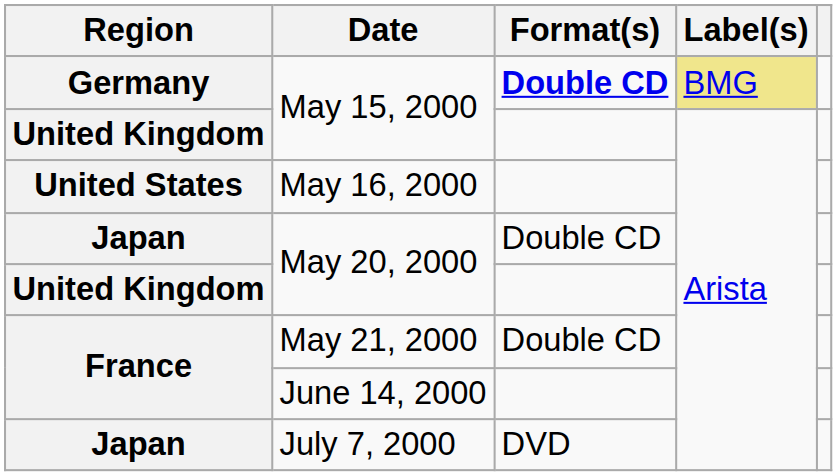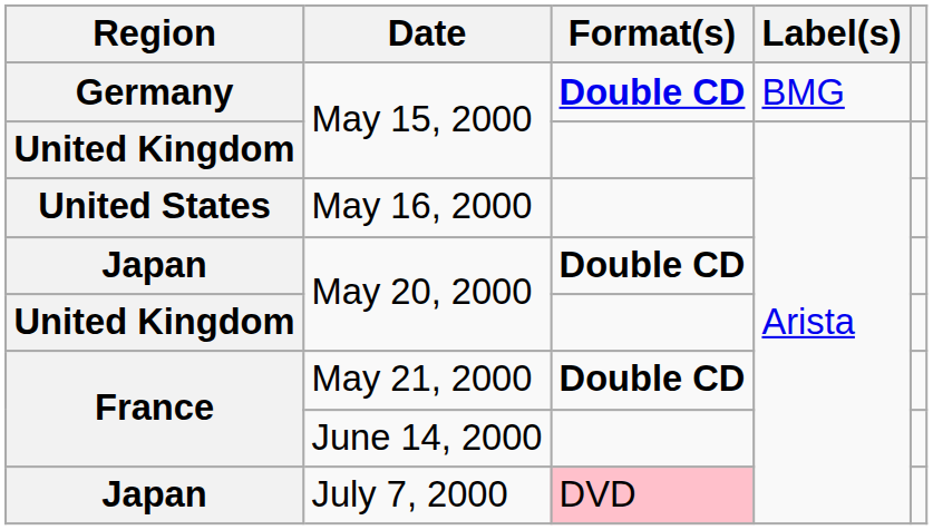 <table class="wikitable plainrowheaders">
 <tr>
 <th scope="col">Region</th>
 <th scope="col">Date</th>
 <th scope="col">Format(s)</th>
 <th scope="col">Label(s)</th>
 <th scope="col"></th>
 </tr>
 <tr>
 <th scope="row">Germany</th>
 <td rowspan="2">May 15, 2000</td>
 <td><strong><a href='#'>Double CD</a></strong></td>
-<td style="background: khaki;"><a href='#'>BMG</a></td>
+<td><a href='#'>BMG</a></td>
 <td></td>
 </tr>
 <tr>
 <th scope="row">United Kingdom</th>
 <td></td>
 <td rowspan="7"><a href='#'>Arista</a></td>
 <td></td>
 </tr>
 <tr>
 <th scope="row">United States</th>
 <td>May 16, 2000</td>
 <td></td>
 <td></td>
 </tr>
 <tr>
 <th scope="row">Japan</th>
 <td rowspan="2">May 20, 2000</td>
-<td>Double CD</td>
+<td><strong>Double CD</strong></td>
 <td></td>
 </tr>
 <tr>
 <th scope="row">United Kingdom</th>
 <td></td>
 <td></td>
 </tr>
 <tr>
 <th scope="row" rowspan="2">France</th>
 <td>May 21, 2000</td>
-<td>Double CD</td>
+<td><strong>Double CD</strong></td>
 <td></td>
 </tr>
 <tr>
 <td>June 14, 2000</td>
 <td></td>
 <td></td>
 </tr>
 <tr>
 <th scope="row">Japan</th>
 <td>July 7, 2000</td>
-<td>DVD</td>
+<td style="background: pink;">DVD</td>
 <td></td>
 </tr>
 </table>
